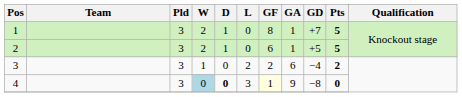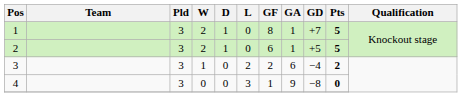 <table class="wikitable" border="1" style="text-align: center;">
 <tr>
 <th width="25"><abbr>Pos</abbr></th>
 <th width="200">Team</th>
 <th width="25"><abbr>Pld</abbr></th>
 <th width="25"><abbr>W</abbr></th>
 <th width="25"><abbr>D</abbr></th>
 <th width="25"><abbr>L</abbr></th>
 <th width="25"><abbr>GF</abbr></th>
 <th width="25"><abbr>GA</abbr></th>
 <th width="25"><abbr>GD</abbr></th>
 <th width="25"><abbr>Pts</abbr></th>
 <th width="150">Qualification</th>
 </tr>
 <tr bgcolor= #D0F0C0>
 <td>1</td>
 <td align="left"></td>
 <td>3</td>
 <td>2</td>
 <td>1</td>
 <td>0</td>
 <td>8</td>
 <td>1</td>
 <td>+7</td>
 <td><strong>5</strong></td>
 <td rowspan=2>Knockout stage</td>
 </tr>
 <tr bgcolor= #D0F0C0>
 <td>2</td>
 <td align="left"></td>
 <td>3</td>
 <td>2</td>
 <td>1</td>
 <td>0</td>
 <td>6</td>
 <td>1</td>
 <td>+5</td>
 <td><strong>5</strong></td>
 </tr>
 <tr>
 <td>3</td>
 <td align="left"></td>
 <td>3</td>
 <td>1</td>
 <td>0</td>
 <td>2</td>
 <td>2</td>
 <td>6</td>
 <td>−4</td>
 <td><strong>2</strong></td>
 </tr>
 <tr>
 <td>4</td>
 <td align="left"></td>
 <td>3</td>
-<td style="background: lightblue;">0</td>
-<td><strong>0</strong></td>
+<td>0</td>
+<td>0</td>
 <td>3</td>
-<td style="background: lightyellow;">1</td>
+<td>1</td>
 <td>9</td>
 <td>−8</td>
 <td><strong>0</strong></td>
 </tr>
 <tr>
 </tr>
 </table>
